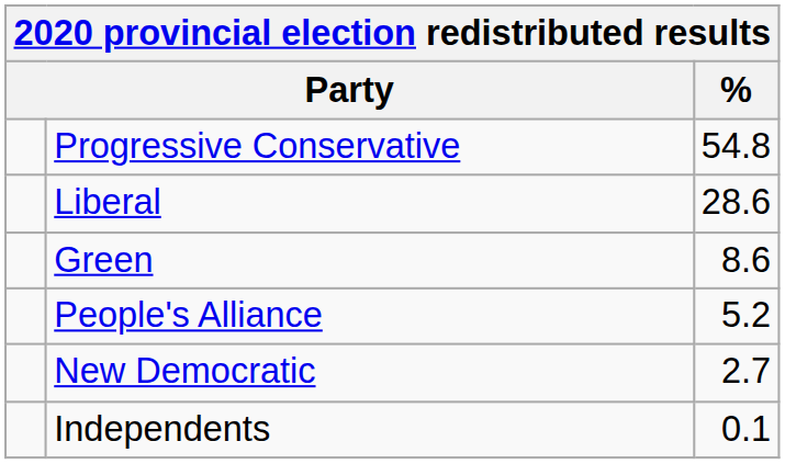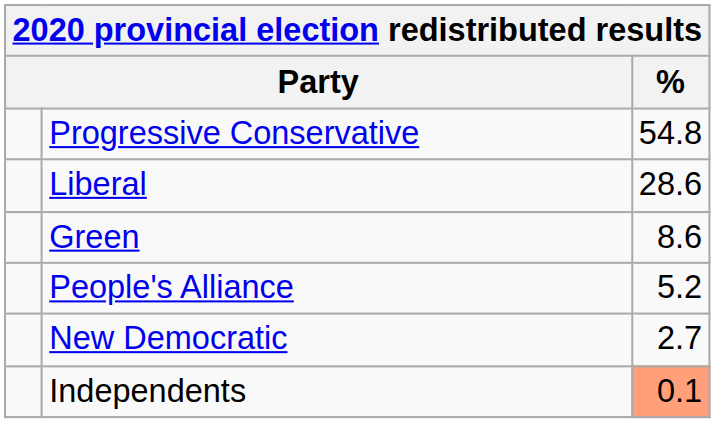 <table class="wikitable">
 <tr>
 <th colspan="4"><a href='#'>2020 provincial election</a> redistributed results</th>
 </tr>
 <tr>
 <th bgcolor="#DDDDFF" width="130px" colspan="2">Party</th>
 <th bgcolor="#DDDDFF" width="30px">%</th>
 </tr>
 <tr>
 <td> </td>
 <td><a href='#'>Progressive Conservative</a></td>
 <td align=right>54.8</td>
 </tr>
 <tr>
 <td> </td>
 <td><a href='#'>Liberal</a></td>
 <td align=right>28.6</td>
 </tr>
 <tr>
 <td> </td>
 <td><a href='#'>Green</a></td>
 <td align=right>8.6</td>
 </tr>
 <tr>
 <td> </td>
 <td><a href='#'>People's Alliance</a></td>
 <td align=right>5.2</td>
 </tr>
 <tr>
 <td> </td>
 <td><a href='#'>New Democratic</a></td>
 <td align=right>2.7</td>
 </tr>
 <tr>
 <td> </td>
 <td>Independents</td>
-<td align=right>0.1</td>
+<td align=right style="background: lightsalmon;">0.1</td>
 </tr>
 </table>
